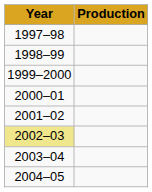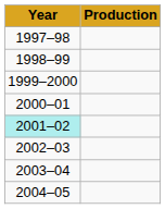 <table class="wikitable">
 <tr align="center" bgcolor="#DAA520">
 <td><strong>Year</strong></td>
 <td><strong>Production</strong></td>
 </tr>
 <tr align="center">
 <td>1997–98</td>
 <td></td>
 </tr>
 <tr align="center">
 <td>1998–99</td>
 <td></td>
 </tr>
 <tr align="center">
 <td>1999–2000</td>
 <td></td>
 </tr>
 <tr align="center">
 <td>2000–01</td>
 <td></td>
 </tr>
 <tr align="center">
-<td>2001–02</td>
+<td style="background: paleturquoise;">2001–02</td>
 <td></td>
 </tr>
 <tr align="center">
-<td style="background: khaki;">2002–03</td>
+<td>2002–03</td>
 <td></td>
 </tr>
 <tr align="center">
 <td>2003–04</td>
 <td></td>
 </tr>
 <tr align="center">
 <td>2004–05</td>
 <td></td>
 </tr>
 </table>
